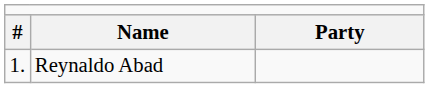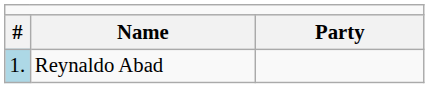 <table class=wikitable style="font-size:90%">
 <tr>
 <td colspan=4 bgcolor=></td>
 </tr>
 <tr>
 <th>#</th>
 <th width=150px>Name</th>
 <th colspan=2 width=110px>Party</th>
 </tr>
 <tr>
-<td>1.</td>
+<td style="background: lightblue;">1.</td>
 <td>Reynaldo Abad</td>
 <td></td>
 </tr>
 </table>
